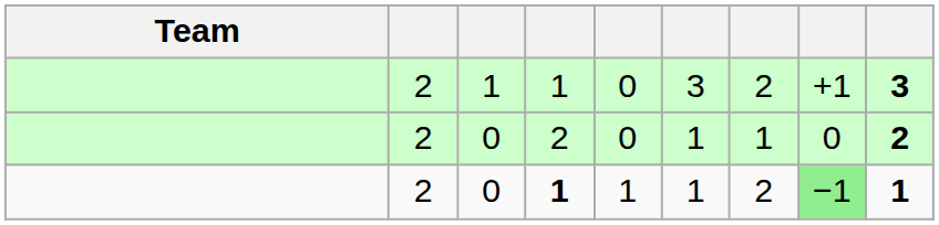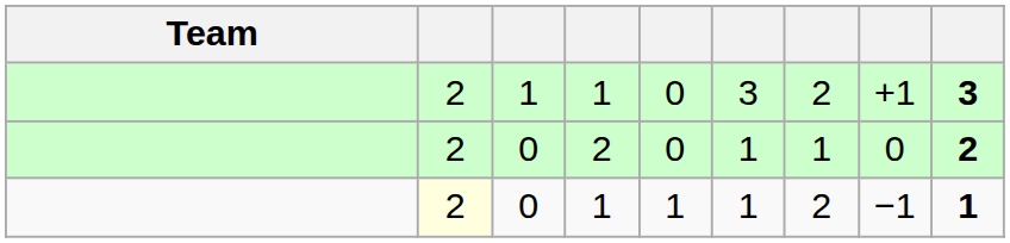 <table class="wikitable" style="text-align:center">
 <tr>
 <th width=175>Team</th>
 <th width=25></th>
 <th width=25></th>
 <th width=25></th>
 <th width=25></th>
 <th width=25></th>
 <th width=25></th>
 <th width=25></th>
 <th width=25></th>
 </tr>
 <tr bgcolor=ccffcc>
 <td style="text-align:left;"></td>
 <td>2</td>
 <td>1</td>
 <td>1</td>
 <td>0</td>
 <td>3</td>
 <td>2</td>
 <td>+1</td>
 <td><strong>3</strong></td>
 </tr>
 <tr bgcolor=ccffcc>
 <td style="text-align:left;"></td>
 <td>2</td>
 <td>0</td>
 <td>2</td>
 <td>0</td>
 <td>1</td>
 <td>1</td>
 <td>0</td>
 <td><strong>2</strong></td>
 </tr>
 <tr>
 <td style="text-align:left;"></td>
-<td>2</td>
+<td style="background: lightyellow;">2</td>
 <td>0</td>
-<td><strong>1</strong></td>
+<td>1</td>
 <td>1</td>
 <td>1</td>
 <td>2</td>
-<td style="background: lightgreen;">−1</td>
+<td>−1</td>
 <td><strong>1</strong></td>
 </tr>
 </table>
